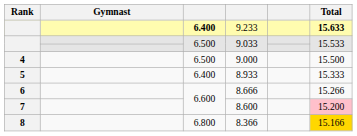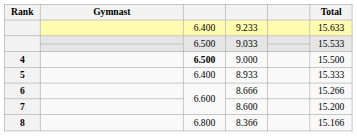 <table class="wikitable sortable" style="text-align:center; font-size:95%">
 <tr>
 <th scope="col" style="width:50px;">Rank</th>
 <th scope="col" style="width:220px;">Gymnast</th>
 <th scope="col" style="width:60px;"></th>
 <th scope="col" style="width:60px;"></th>
 <th scope="col" style="width:60px;"></th>
 <th scope="col" style="width:60px;">Total</th>
 </tr>
 <tr style="background:#fffcaf;">
 <th scope=row style="text-align:center"></th>
 <td style="text-align:left;"></td>
-<td><strong>6.400</strong></td>
+<td>6.400</td>
 <td>9.233</td>
 <td></td>
-<td><strong>15.633</strong></td>
+<td>15.633</td>
 </tr>
 <tr style="background:#e5e5e5;">
 <th rowspan=2 scope=row style="text-align:center"></th>
 <td style="text-align:left;"></td>
 <td rowspan=2>6.500</td>
 <td rowspan=2>9.033</td>
 <td></td>
 <td rowspan=2>15.533</td>
 </tr>
 <tr style="background:#e5e5e5;">
 <td style="text-align:left;"></td>
 <td></td>
 </tr>
 <tr>
 <th scope=row style="text-align:center">4</th>
 <td style="text-align:left;"></td>
-<td>6.500</td>
+<td><strong>6.500</strong></td>
 <td>9.000</td>
 <td></td>
 <td>15.500</td>
 </tr>
 <tr>
 <th scope=row style="text-align:center">5</th>
 <td style="text-align:left;"></td>
 <td>6.400</td>
 <td>8.933</td>
 <td></td>
 <td>15.333</td>
 </tr>
 <tr>
 <th scope=row style="text-align:center">6</th>
 <td style="text-align:left;"></td>
 <td rowspan="2">6.600</td>
 <td>8.666</td>
 <td></td>
 <td>15.266</td>
 </tr>
 <tr>
 <th scope=row style="text-align:center">7</th>
 <td style="text-align:left;"></td>
 <td>8.600</td>
 <td></td>
-<td style="background: pink;">15.200</td>
+<td>15.200</td>
 </tr>
 <tr>
 <th scope=row style="text-align:center">8</th>
 <td style="text-align:left;"></td>
 <td>6.800</td>
 <td>8.366</td>
 <td></td>
-<td style="background: gold;">15.166</td>
+<td>15.166</td>
 </tr>
 </table>
